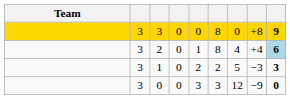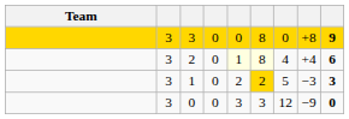 <table class="wikitable" style="text-align:center;">
 <tr>
 <th width=170>Team</th>
 <th width=20></th>
 <th width=20></th>
 <th width=20></th>
 <th width=20></th>
 <th width=20></th>
 <th width=20></th>
 <th width=20></th>
 <th width=20></th>
 </tr>
 <tr bgcolor=gold>
 <td align="left"></td>
 <td>3</td>
 <td>3</td>
 <td>0</td>
 <td>0</td>
 <td>8</td>
 <td>0</td>
 <td>+8</td>
 <td><strong>9</strong></td>
 </tr>
 <tr>
 <td align="left"></td>
 <td>3</td>
 <td>2</td>
 <td>0</td>
-<td>1</td>
-<td>8</td>
+<td style="background: lightyellow;">1</td>
+<td style="background: lightyellow;">8</td>
 <td>4</td>
 <td>+4</td>
-<td style="background: lightblue;"><strong>6</strong></td>
+<td><strong>6</strong></td>
 </tr>
 <tr>
 <td align="left"></td>
 <td>3</td>
 <td>1</td>
 <td>0</td>
 <td>2</td>
-<td>2</td>
+<td style="background: gold;">2</td>
 <td>5</td>
 <td>−3</td>
 <td><strong>3</strong></td>
 </tr>
 <tr>
 <td align="left"></td>
 <td>3</td>
 <td>0</td>
 <td>0</td>
 <td>3</td>
 <td>3</td>
 <td>12</td>
 <td>−9</td>
 <td><strong>0</strong></td>
 </tr>
 </table>
